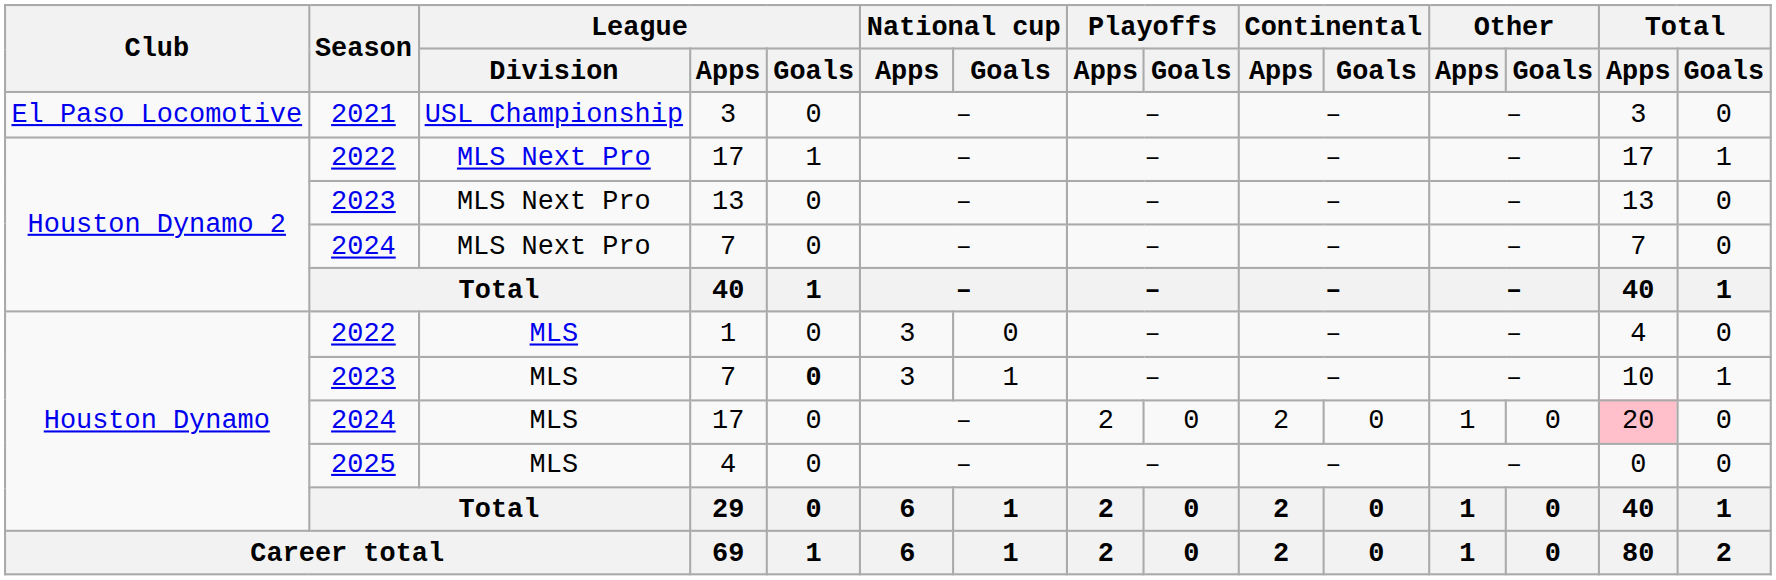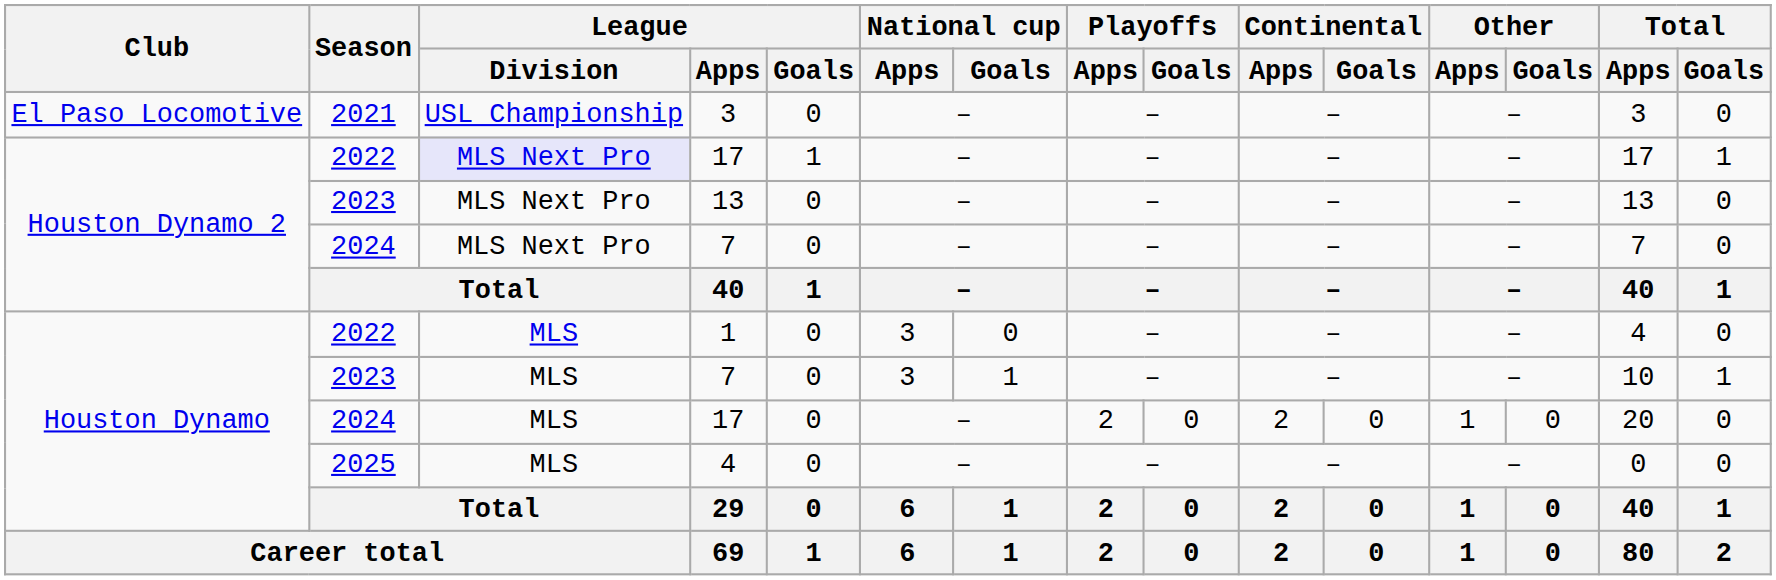 <table class="wikitable" style="text-align: center">
 <tr>
 <th rowspan="2">Club</th>
 <th rowspan="2">Season</th>
 <th colspan="3">League</th>
 <th colspan="2">National cup</th>
 <th colspan="2">Playoffs</th>
 <th colspan="2">Continental</th>
 <th colspan="2">Other</th>
 <th colspan="2">Total</th>
 </tr>
 <tr>
 <th>Division</th>
 <th>Apps</th>
 <th>Goals</th>
 <th>Apps</th>
 <th>Goals</th>
 <th>Apps</th>
 <th>Goals</th>
 <th>Apps</th>
 <th>Goals</th>
 <th>Apps</th>
 <th>Goals</th>
 <th>Apps</th>
 <th>Goals</th>
 </tr>
 <tr>
 <td><a href='#'>El Paso Locomotive</a></td>
 <td><a href='#'>2021</a></td>
 <td><a href='#'>USL Championship</a></td>
 <td>3</td>
 <td>0</td>
 <td colspan="2">–</td>
 <td colspan="2">–</td>
 <td colspan="2">–</td>
 <td colspan="2">–</td>
 <td>3</td>
 <td>0</td>
 </tr>
 <tr>
 <td rowspan="4"><a href='#'>Houston Dynamo 2</a></td>
 <td><a href='#'>2022</a></td>
-<td><a href='#'>MLS Next Pro</a></td>
+<td style="background: lavender;"><a href='#'>MLS Next Pro</a></td>
 <td>17</td>
 <td>1</td>
 <td colspan="2">–</td>
 <td colspan="2">–</td>
 <td colspan="2">–</td>
 <td colspan="2">–</td>
 <td>17</td>
 <td>1</td>
 </tr>
 <tr>
 <td><a href='#'>2023</a></td>
 <td>MLS Next Pro</td>
 <td>13</td>
 <td>0</td>
 <td colspan="2">–</td>
 <td colspan="2">–</td>
 <td colspan="2">–</td>
 <td colspan="2">–</td>
 <td>13</td>
 <td>0</td>
 </tr>
 <tr>
 <td><a href='#'>2024</a></td>
 <td>MLS Next Pro</td>
 <td>7</td>
 <td>0</td>
 <td colspan="2">–</td>
 <td colspan="2">–</td>
 <td colspan="2">–</td>
 <td colspan="2">–</td>
 <td>7</td>
 <td>0</td>
 </tr>
 <tr>
 <th colspan="2">Total</th>
 <th>40</th>
 <th>1</th>
 <th colspan="2">–</th>
 <th colspan="2">–</th>
 <th colspan="2">–</th>
 <th colspan="2">–</th>
 <th>40</th>
 <th>1</th>
 </tr>
 <tr>
 <td rowspan="5"><a href='#'>Houston Dynamo</a></td>
 <td><a href='#'>2022</a></td>
 <td><a href='#'>MLS</a></td>
 <td>1</td>
 <td>0</td>
 <td>3</td>
 <td>0</td>
 <td colspan="2">–</td>
 <td colspan="2">–</td>
 <td colspan="2">–</td>
 <td>4</td>
 <td>0</td>
 </tr>
 <tr>
 <td><a href='#'>2023</a></td>
 <td>MLS</td>
 <td>7</td>
-<td><strong>0</strong></td>
+<td>0</td>
 <td>3</td>
 <td>1</td>
 <td colspan="2">–</td>
 <td colspan="2">–</td>
 <td colspan="2">–</td>
 <td>10</td>
 <td>1</td>
 </tr>
 <tr>
 <td><a href='#'>2024</a></td>
 <td>MLS</td>
 <td>17</td>
 <td>0</td>
 <td colspan="2">–</td>
 <td>2</td>
 <td>0</td>
 <td>2</td>
 <td>0</td>
 <td>1</td>
 <td>0</td>
-<td style="background: pink;">20</td>
+<td>20</td>
 <td>0</td>
 </tr>
 <tr>
 <td><a href='#'>2025</a></td>
 <td>MLS</td>
 <td>4</td>
 <td>0</td>
 <td colspan="2">–</td>
 <td colspan="2">–</td>
 <td colspan="2">–</td>
 <td colspan="2">–</td>
 <td>0</td>
 <td>0</td>
 </tr>
 <tr>
 <th colspan="2">Total</th>
 <th>29</th>
 <th>0</th>
 <th>6</th>
 <th>1</th>
 <th>2</th>
 <th>0</th>
 <th>2</th>
 <th>0</th>
 <th>1</th>
 <th>0</th>
 <th>40</th>
 <th>1</th>
 </tr>
 <tr>
 <th colspan="3"><strong>Career total</strong></th>
 <th>69</th>
 <th>1</th>
 <th>6</th>
 <th>1</th>
 <th>2</th>
 <th>0</th>
 <th>2</th>
 <th>0</th>
 <th>1</th>
 <th>0</th>
 <th>80</th>
 <th>2</th>
 </tr>
 </table>
